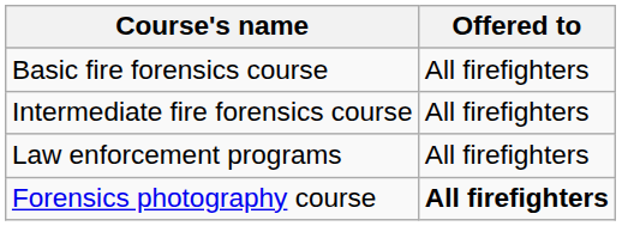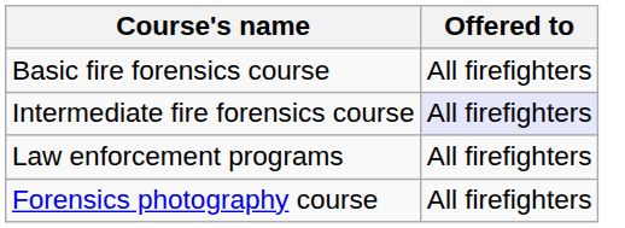 <table class="wikitable">
 <tr>
 <th>Course's name</th>
 <th>Offered to</th>
 </tr>
 <tr>
 <td>Basic fire forensics course</td>
 <td>All firefighters</td>
 </tr>
 <tr>
 <td>Intermediate fire forensics course</td>
-<td>All firefighters</td>
+<td style="background: lavender;">All firefighters</td>
 </tr>
 <tr>
 <td>Law enforcement programs</td>
 <td>All firefighters</td>
 </tr>
 <tr>
 <td><a href='#'>Forensics photography</a> course</td>
-<td><strong>All firefighters</strong></td>
+<td>All firefighters</td>
 </tr>
 </table>
